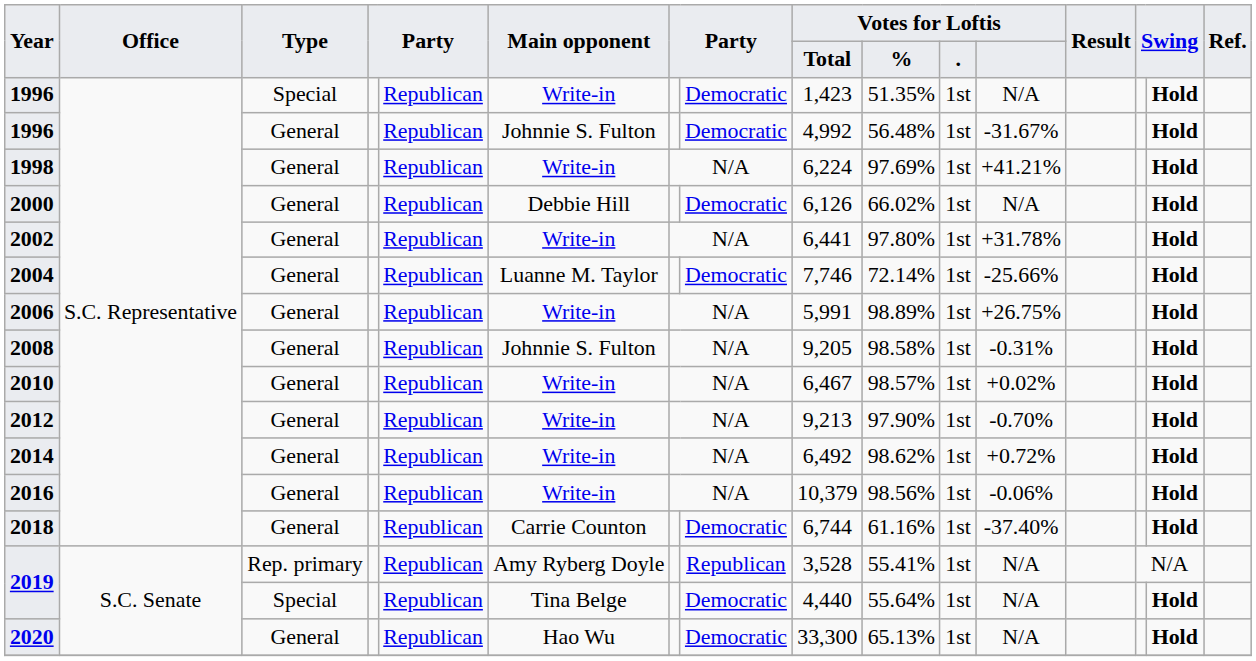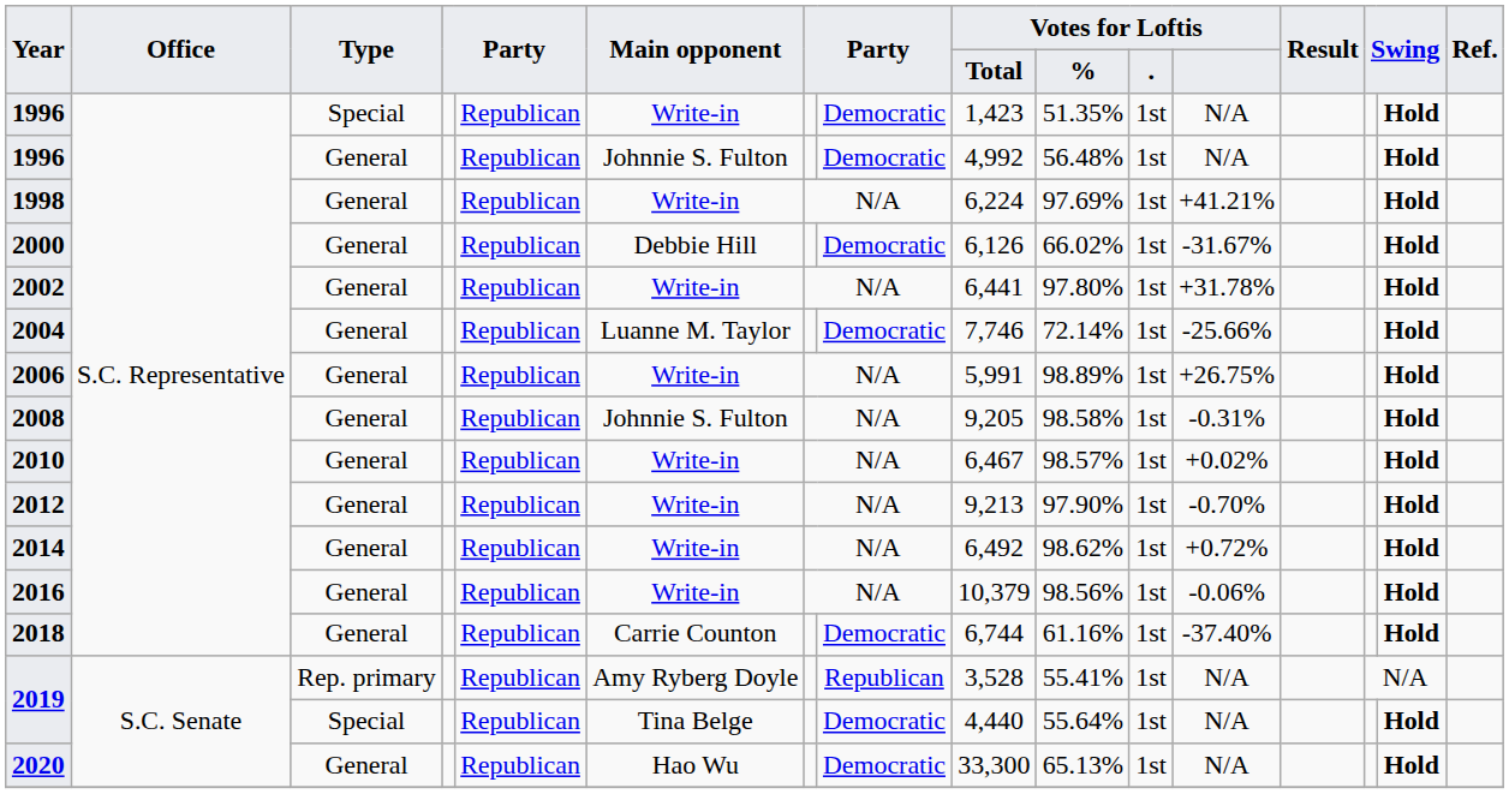 <table class="wikitable" style="font-size: 90%; text-align:center;">
 <tr>
 <th style="background-color:#EAECF0;" rowspan=2>Year</th>
 <th style="background-color:#EAECF0;" rowspan=2>Office</th>
 <th style="background-color:#EAECF0;" rowspan=2>Type</th>
 <th style="background-color:#EAECF0;" colspan=2 rowspan=2>Party</th>
 <th style="background-color:#EAECF0;" rowspan=2>Main opponent</th>
 <th style="background-color:#EAECF0;" colspan=2 rowspan=2>Party</th>
 <th style="background-color:#EAECF0;" colspan=4>Votes for Loftis</th>
 <th style="background-color:#EAECF0;" rowspan=2>Result</th>
 <th style="background-color:#EAECF0;" colspan=2 rowspan=2><a href='#'>Swing</a></th>
 <th style="background-color:#EAECF0;" colspan=2 rowspan=2>Ref.</th>
 </tr>
 <tr>
 <th style="background-color:#EAECF0;">Total</th>
 <th style="background-color:#EAECF0;">%</th>
 <th style="background-color:#EAECF0;">.</th>
 <th style="background-color:#EAECF0;"></th>
 </tr>
 <tr>
 <th style="background-color:#EAECF0;">1996</th>
 <td rowspan=13>S.C. Representative</td>
 <td>Special</td>
 <td style="background-color:"></td>
 <td><a href='#'>Republican</a></td>
 <td><a href='#'>Write-in</a></td>
 <td style="background-color:"></td>
 <td><a href='#'>Democratic</a></td>
 <td>1,423</td>
 <td>51.35%</td>
 <td>1st</td>
 <td>N/A</td>
 <td></td>
 <td style="background-color:"></td>
 <td><strong>Hold</strong></td>
 <td></td>
 </tr>
 <tr>
 <th style="background-color:#EAECF0;">1996</th>
 <td>General</td>
 <td style="background-color:"></td>
 <td><a href='#'>Republican</a></td>
 <td>Johnnie S. Fulton</td>
 <td style="background-color:"></td>
 <td><a href='#'>Democratic</a></td>
 <td>4,992</td>
 <td>56.48%</td>
 <td>1st</td>
-<td>-31.67%</td>
+<td>N/A</td>
 <td></td>
 <td style="background-color:"></td>
 <td><strong>Hold</strong></td>
 <td></td>
 </tr>
 <tr>
 <th style="background-color:#EAECF0;">1998</th>
 <td>General</td>
 <td style="background-color:"></td>
 <td><a href='#'>Republican</a></td>
 <td><a href='#'>Write-in</a></td>
 <td colspan=2>N/A</td>
 <td>6,224</td>
 <td>97.69%</td>
 <td>1st</td>
 <td>+41.21%</td>
 <td></td>
 <td style="background-color:"></td>
 <td><strong>Hold</strong></td>
 <td></td>
 </tr>
 <tr>
 <th style="background-color:#EAECF0;">2000</th>
 <td>General</td>
 <td style="background-color:"></td>
 <td><a href='#'>Republican</a></td>
 <td>Debbie Hill</td>
 <td style="background-color:"></td>
 <td><a href='#'>Democratic</a></td>
 <td>6,126</td>
 <td>66.02%</td>
 <td>1st</td>
-<td>N/A</td>
+<td>-31.67%</td>
 <td></td>
 <td style="background-color:"></td>
 <td><strong>Hold</strong></td>
 <td></td>
 </tr>
 <tr>
 <th style="background-color:#EAECF0;">2002</th>
 <td>General</td>
 <td style="background-color:"></td>
 <td><a href='#'>Republican</a></td>
 <td><a href='#'>Write-in</a></td>
 <td colspan=2>N/A</td>
 <td>6,441</td>
 <td>97.80%</td>
 <td>1st</td>
 <td>+31.78%</td>
 <td></td>
 <td style="background-color:"></td>
 <td><strong>Hold</strong></td>
 <td></td>
 </tr>
 <tr>
 <th style="background-color:#EAECF0;">2004</th>
 <td>General</td>
 <td style="background-color:"></td>
 <td><a href='#'>Republican</a></td>
 <td>Luanne M. Taylor</td>
 <td style="background-color:"></td>
 <td><a href='#'>Democratic</a></td>
 <td>7,746</td>
 <td>72.14%</td>
 <td>1st</td>
 <td>-25.66%</td>
 <td></td>
 <td style="background-color:"></td>
 <td><strong>Hold</strong></td>
 <td></td>
 </tr>
 <tr>
 <th style="background-color:#EAECF0;">2006</th>
 <td>General</td>
 <td style="background-color:"></td>
 <td><a href='#'>Republican</a></td>
 <td><a href='#'>Write-in</a></td>
 <td colspan=2>N/A</td>
 <td>5,991</td>
 <td>98.89%</td>
 <td>1st</td>
 <td>+26.75%</td>
 <td></td>
 <td style="background-color:"></td>
 <td><strong>Hold</strong></td>
 <td></td>
 </tr>
 <tr>
 <th style="background-color:#EAECF0;">2008</th>
 <td>General</td>
 <td style="background-color:"></td>
 <td><a href='#'>Republican</a></td>
 <td>Johnnie S. Fulton</td>
 <td colspan=2>N/A</td>
 <td>9,205</td>
 <td>98.58%</td>
 <td>1st</td>
 <td>-0.31%</td>
 <td></td>
 <td style="background-color:"></td>
 <td><strong>Hold</strong></td>
 <td></td>
 </tr>
 <tr>
 <th style="background-color:#EAECF0;">2010</th>
 <td>General</td>
 <td style="background-color:"></td>
 <td><a href='#'>Republican</a></td>
 <td><a href='#'>Write-in</a></td>
 <td colspan=2>N/A</td>
 <td>6,467</td>
 <td>98.57%</td>
 <td>1st</td>
 <td>+0.02%</td>
 <td></td>
 <td style="background-color:"></td>
 <td><strong>Hold</strong></td>
 <td></td>
 </tr>
 <tr>
 <th style="background-color:#EAECF0;">2012</th>
 <td>General</td>
 <td style="background-color:"></td>
 <td><a href='#'>Republican</a></td>
 <td><a href='#'>Write-in</a></td>
 <td colspan=2>N/A</td>
 <td>9,213</td>
 <td>97.90%</td>
 <td>1st</td>
 <td>-0.70%</td>
 <td></td>
 <td style="background-color:"></td>
 <td><strong>Hold</strong></td>
 <td></td>
 </tr>
 <tr>
 <th style="background-color:#EAECF0;">2014</th>
 <td>General</td>
 <td style="background-color:"></td>
 <td><a href='#'>Republican</a></td>
 <td><a href='#'>Write-in</a></td>
 <td colspan=2>N/A</td>
 <td>6,492</td>
 <td>98.62%</td>
 <td>1st</td>
 <td>+0.72%</td>
 <td></td>
 <td style="background-color:"></td>
 <td><strong>Hold</strong></td>
 <td></td>
 </tr>
 <tr>
 <th style="background-color:#EAECF0;">2016</th>
 <td>General</td>
 <td style="background-color:"></td>
 <td><a href='#'>Republican</a></td>
 <td><a href='#'>Write-in</a></td>
 <td colspan=2>N/A</td>
 <td>10,379</td>
 <td>98.56%</td>
 <td>1st</td>
 <td>-0.06%</td>
 <td></td>
 <td style="background-color:"></td>
 <td><strong>Hold</strong></td>
 <td></td>
 </tr>
 <tr>
 <th style="background-color:#EAECF0;">2018</th>
 <td>General</td>
 <td style="background-color:"></td>
 <td><a href='#'>Republican</a></td>
 <td>Carrie Counton</td>
 <td style="background-color:"></td>
 <td><a href='#'>Democratic</a></td>
 <td>6,744</td>
 <td>61.16%</td>
 <td>1st</td>
 <td>-37.40%</td>
 <td></td>
 <td style="background-color:"></td>
 <td><strong>Hold</strong></td>
 <td></td>
 </tr>
 <tr>
 <th rowspan=2 style="background-color:#EAECF0;"><a href='#'>2019</a></th>
 <td rowspan=3>S.C. Senate</td>
 <td>Rep. primary</td>
 <td style="background-color:"></td>
 <td><a href='#'>Republican</a></td>
 <td>Amy Ryberg Doyle</td>
 <td style="background-color:"></td>
 <td><a href='#'>Republican</a></td>
 <td>3,528</td>
 <td>55.41%</td>
 <td>1st</td>
 <td>N/A</td>
 <td></td>
 <td colspan=2>N/A</td>
 <td></td>
 </tr>
 <tr>
 <td>Special</td>
 <td style="background-color:"></td>
 <td><a href='#'>Republican</a></td>
 <td>Tina Belge</td>
 <td style="background-color:"></td>
 <td><a href='#'>Democratic</a></td>
 <td>4,440</td>
 <td>55.64%</td>
 <td>1st</td>
 <td>N/A</td>
 <td></td>
 <td style="background-color:"></td>
 <td><strong>Hold</strong></td>
 <td></td>
 </tr>
 <tr>
 <th style="background-color:#EAECF0;"><a href='#'>2020</a></th>
 <td>General</td>
 <td style="background-color:"></td>
 <td><a href='#'>Republican</a></td>
 <td>Hao Wu</td>
 <td style="background-color:"></td>
 <td><a href='#'>Democratic</a></td>
 <td>33,300</td>
 <td>65.13%</td>
 <td>1st</td>
 <td>N/A</td>
 <td></td>
 <td style="background-color:"></td>
 <td><strong>Hold</strong></td>
 <td></td>
 </tr>
 <tr>
 </tr>
 </table>
